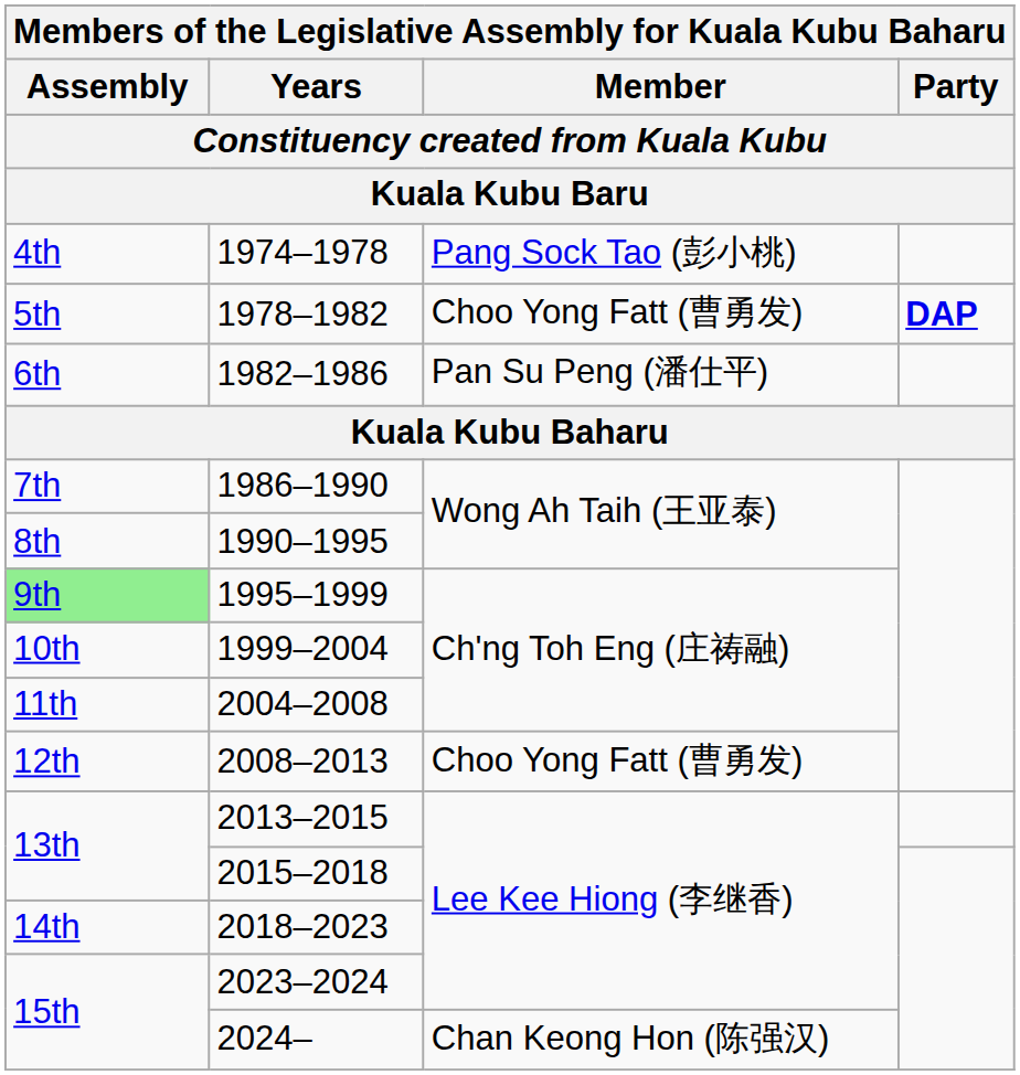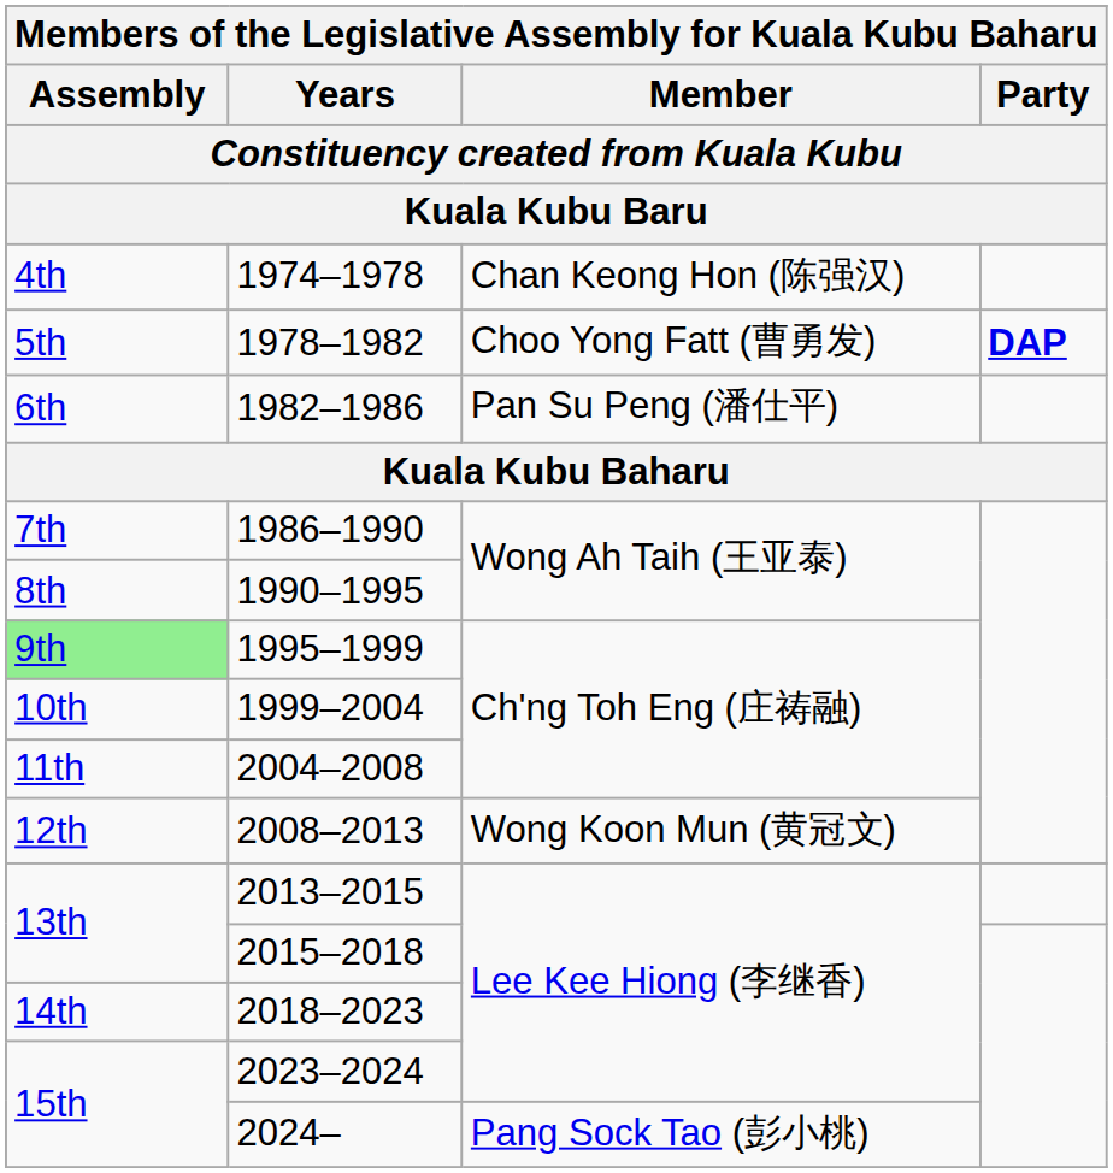 <table class=wikitable>
 <tr>
 <th colspan=4>Members of the Legislative Assembly for Kuala Kubu Baharu</th>
 </tr>
 <tr>
 <th>Assembly</th>
 <th>Years</th>
 <th>Member</th>
 <th>Party</th>
 </tr>
 <tr>
 <th colspan=4 align=center><em>Constituency created from Kuala Kubu</em></th>
 </tr>
 <tr>
 <th colspan=4 align=center>Kuala Kubu Baru</th>
 </tr>
 <tr>
 <td><a href='#'>4th</a></td>
 <td>1974–1978</td>
-<td><a href='#'>Pang Sock Tao</a> (彭小桃)</td>
+<td>Chan Keong Hon (陈强汉)</td>
 <td></td>
 </tr>
 <tr>
 <td><a href='#'>5th</a></td>
 <td>1978–1982</td>
 <td>Choo Yong Fatt (曹勇发)</td>
 <td><strong><a href='#'>DAP</a></strong></td>
 </tr>
 <tr>
 <td><a href='#'>6th</a></td>
 <td>1982–1986</td>
 <td>Pan Su Peng (潘仕平)</td>
 <td></td>
 </tr>
 <tr>
 <th colspan=4 align=center>Kuala Kubu Baharu</th>
 </tr>
 <tr>
 <td><a href='#'>7th</a></td>
 <td>1986–1990</td>
 <td rowspan=2>Wong Ah Taih (王亚泰)</td>
 <td rowspan="6"></td>
 </tr>
 <tr>
 <td><a href='#'>8th</a></td>
 <td>1990–1995</td>
 </tr>
 <tr>
 <td style="background: lightgreen;"><a href='#'>9th</a></td>
 <td>1995–1999</td>
 <td rowspan=3>Ch'ng Toh Eng (庄祷融)</td>
 </tr>
 <tr>
 <td><a href='#'>10th</a></td>
 <td>1999–2004</td>
 </tr>
 <tr>
 <td><a href='#'>11th</a></td>
 <td>2004–2008</td>
 </tr>
 <tr>
 <td><a href='#'>12th</a></td>
 <td>2008–2013</td>
-<td>Choo Yong Fatt (曹勇发)</td>
+<td>Wong Koon Mun (黄冠文)</td>
 </tr>
 <tr>
 <td rowspan=2><a href='#'>13th</a></td>
 <td>2013–2015</td>
 <td rowspan=4><a href='#'>Lee Kee Hiong</a> (李继香)</td>
 <td></td>
 </tr>
 <tr>
 <td>2015–2018</td>
 <td rowspan=4></td>
 </tr>
 <tr>
 <td><a href='#'>14th</a></td>
 <td>2018–2023</td>
 </tr>
 <tr>
 <td rowspan=2><a href='#'>15th</a></td>
 <td>2023–2024</td>
 </tr>
 <tr>
 <td>2024–</td>
-<td>Chan Keong Hon (陈强汉)</td>
+<td><a href='#'>Pang Sock Tao</a> (彭小桃)</td>
 </tr>
 </table>
